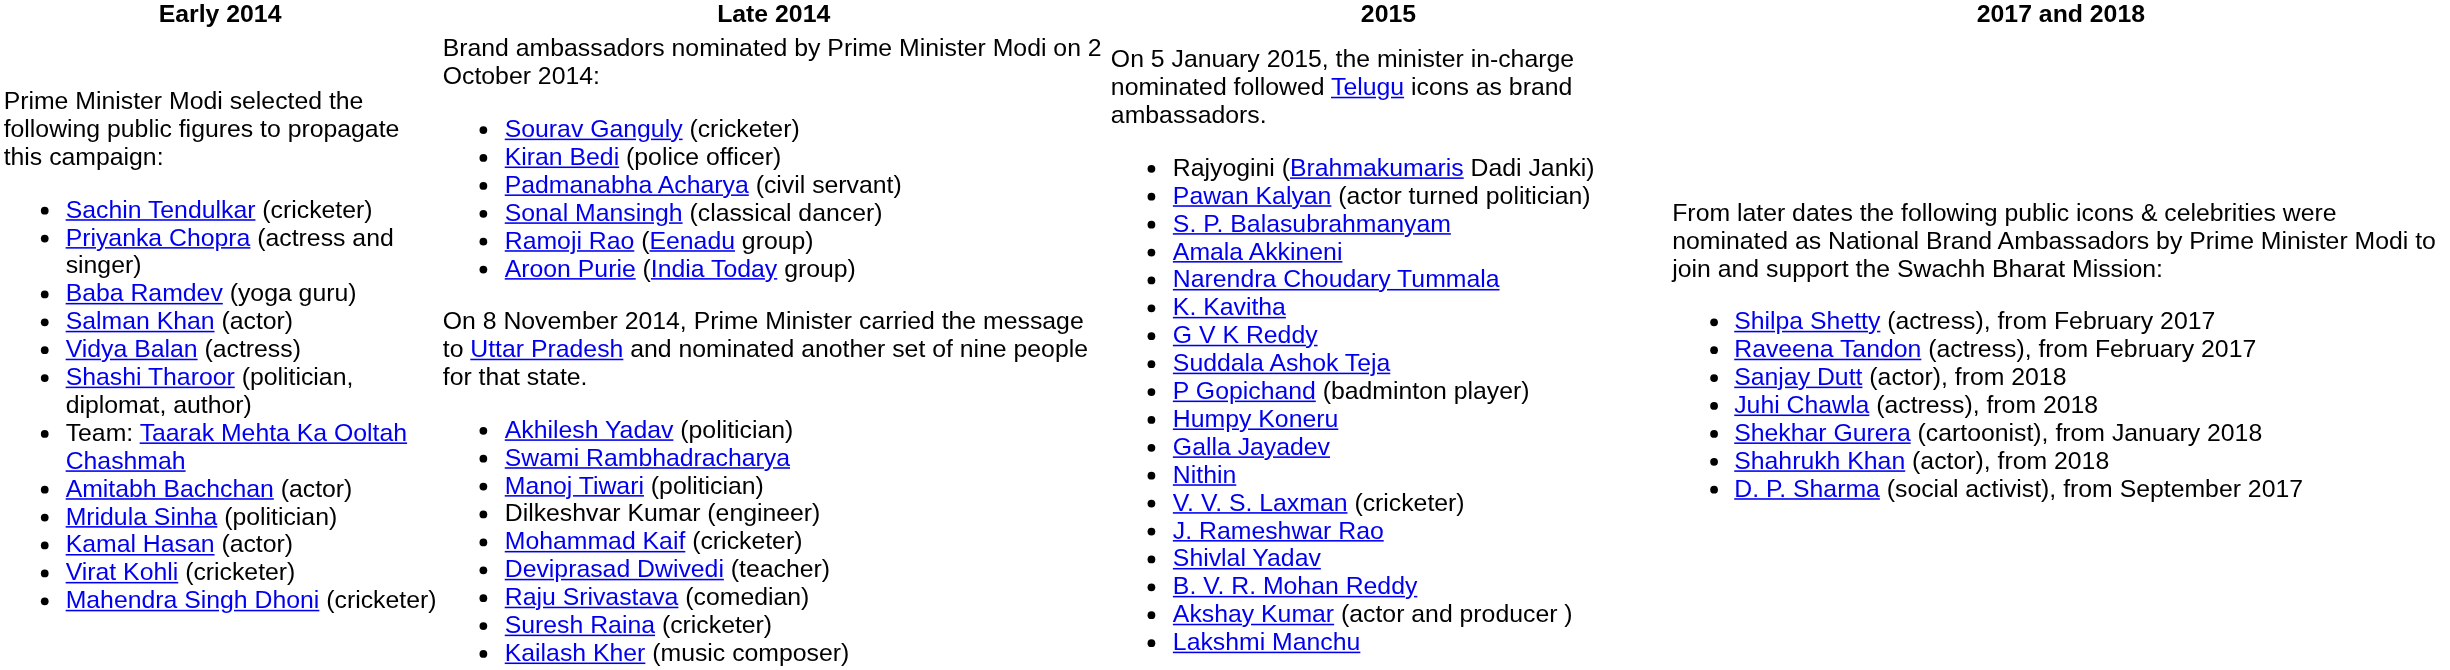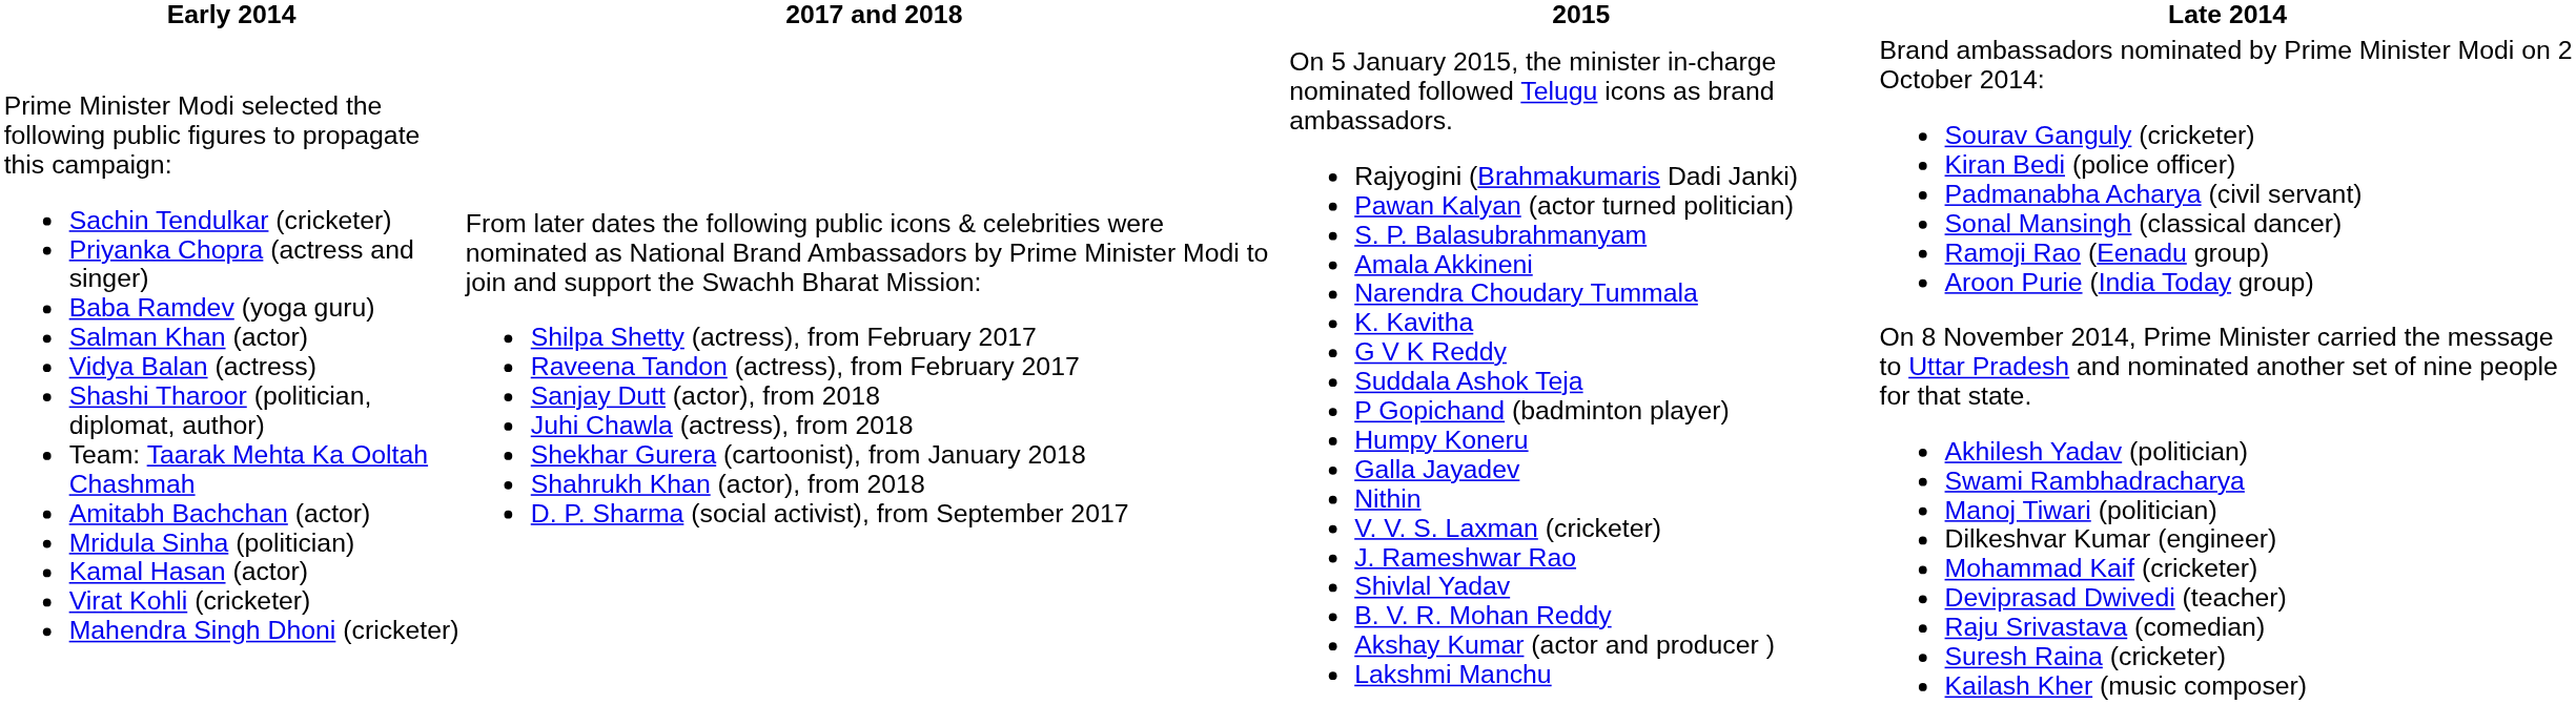 <table class="w  i ki table">
 <tr>
 <th>Early 2014</th>
+<th>2017 and 2018</th>
+<th>2015</th>
 <th>Late 2014</th>
-<th>2015</th>
-<th>2017 and 2018</th>
 </tr>
 <tr>
 <td>Prime Minister Modi selected the following public figures to propagate this campaign:<br><ul><li><a href='#'>Sachin Tendulkar</a> (cricketer)</li><li><a href='#'>Priyanka Chopra</a> (actress and singer)</li><li><a href='#'>Baba Ramdev</a> (yoga guru)</li><li><a href='#'>Salman Khan</a> (actor)</li><li><a href='#'>Vidya Balan</a> (actress)</li><li><a href='#'>Shashi Tharoor</a> (politician, diplomat, author)</li><li>Team: <a href='#'>Taarak Mehta Ka Ooltah Chashmah</a></li><li><a href='#'>Amitabh Bachchan</a> (actor)</li><li><a href='#'>Mridula Sinha</a> (politician)</li><li><a href='#'>Kamal Hasan</a> (actor)</li><li><a href='#'>Virat Kohli</a> (cricketer)</li><li><a href='#'>Mahendra Singh Dhoni</a> (cricketer)</li></ul></td>
+<td>From later dates the following public icons & celebrities were nominated as National Brand Ambassadors by Prime Minister Modi to join and support the Swachh Bharat Mission:<br><ul><li><a href='#'>Shilpa Shetty</a> (actress), from February 2017</li><li><a href='#'>Raveena Tandon</a> (actress), from February 2017</li><li><a href='#'>Sanjay Dutt</a> (actor), from 2018</li><li><a href='#'>Juhi Chawla</a> (actress), from 2018</li><li><a href='#'>Shekhar Gurera</a> (cartoonist), from January 2018</li><li><a href='#'>Shahrukh Khan</a> (actor), from 2018</li><li><a href='#'>D. P. Sharma</a> (social activist), from September 2017</li></ul></td>
+<td>On 5 January 2015, the minister in-charge nominated followed <a href='#'>Telugu</a> icons as brand ambassadors.<br><ul><li>Rajyogini (<a href='#'>Brahmakumaris</a> Dadi Janki)</li><li><a href='#'>Pawan Kalyan</a> (actor turned politician)</li><li><a href='#'>S. P. Balasubrahmanyam</a></li><li><a href='#'>Amala Akkineni</a></li><li><a href='#'>Narendra Choudary Tummala</a></li><li><a href='#'>K. Kavitha</a></li><li><a href='#'>G V K Reddy</a></li><li><a href='#'>Suddala Ashok Teja</a></li><li><a href='#'>P Gopichand</a> (badminton player)</li><li><a href='#'>Humpy Koneru</a></li><li><a href='#'>Galla Jayadev</a></li><li><a href='#'>Nithin</a></li><li><a href='#'>V. V. S. Laxman</a> (cricketer)</li><li><a href='#'>J. Rameshwar Rao</a></li><li><a href='#'>Shivlal Yadav</a></li><li><a href='#'>B. V. R. Mohan Reddy</a></li><li><a href='#'>Akshay Kumar</a> (actor and producer )</li><li><a href='#'>Lakshmi Manchu</a></li></ul></td>
 <td>Brand ambassadors nominated by Prime Minister Modi on 2 October 2014:<br><ul><li><a href='#'>Sourav Ganguly</a> (cricketer)</li><li><a href='#'>Kiran Bedi</a> (police officer)</li><li><a href='#'>Padmanabha Acharya</a> (civil servant)</li><li><a href='#'>Sonal Mansingh</a> (classical dancer)</li><li><a href='#'>Ramoji Rao</a> (<a href='#'>Eenadu</a> group)</li><li><a href='#'>Aroon Purie</a> (<a href='#'>India Today</a> group)</li></ul>On 8 November 2014, Prime Minister carried the message to <a href='#'>Uttar Pradesh</a> and nominated another set of nine people for that state.<ul><li><a href='#'>Akhilesh Yadav</a> (politician)</li><li><a href='#'>Swami Rambhadracharya</a></li><li><a href='#'>Manoj Tiwari</a> (politician)</li><li>Dilkeshvar Kumar (engineer)</li><li><a href='#'>Mohammad Kaif</a> (cricketer)</li><li><a href='#'>Deviprasad Dwivedi</a> (teacher)</li><li><a href='#'>Raju Srivastava</a> (comedian)</li><li><a href='#'>Suresh Raina</a> (cricketer)</li><li><a href='#'>Kailash Kher</a> (music composer)</li></ul></td>
-<td>On 5 January 2015, the minister in-charge nominated followed <a href='#'>Telugu</a> icons as brand ambassadors.<br><ul><li>Rajyogini (<a href='#'>Brahmakumaris</a> Dadi Janki)</li><li><a href='#'>Pawan Kalyan</a> (actor turned politician)</li><li><a href='#'>S. P. Balasubrahmanyam</a></li><li><a href='#'>Amala Akkineni</a></li><li><a href='#'>Narendra Choudary Tummala</a></li><li><a href='#'>K. Kavitha</a></li><li><a href='#'>G V K Reddy</a></li><li><a href='#'>Suddala Ashok Teja</a></li><li><a href='#'>P Gopichand</a> (badminton player)</li><li><a href='#'>Humpy Koneru</a></li><li><a href='#'>Galla Jayadev</a></li><li><a href='#'>Nithin</a></li><li><a href='#'>V. V. S. Laxman</a> (cricketer)</li><li><a href='#'>J. Rameshwar Rao</a></li><li><a href='#'>Shivlal Yadav</a></li><li><a href='#'>B. V. R. Mohan Reddy</a></li><li><a href='#'>Akshay Kumar</a> (actor and producer )</li><li><a href='#'>Lakshmi Manchu</a></li></ul></td>
-<td>From later dates the following public icons & celebrities were nominated as National Brand Ambassadors by Prime Minister Modi to join and support the Swachh Bharat Mission:<br><ul><li><a href='#'>Shilpa Shetty</a> (actress), from February 2017</li><li><a href='#'>Raveena Tandon</a> (actress), from February 2017</li><li><a href='#'>Sanjay Dutt</a> (actor), from 2018</li><li><a href='#'>Juhi Chawla</a> (actress), from 2018</li><li><a href='#'>Shekhar Gurera</a> (cartoonist), from January 2018</li><li><a href='#'>Shahrukh Khan</a> (actor), from 2018</li><li><a href='#'>D. P. Sharma</a> (social activist), from September 2017</li></ul></td>
 </tr>
 </table>
